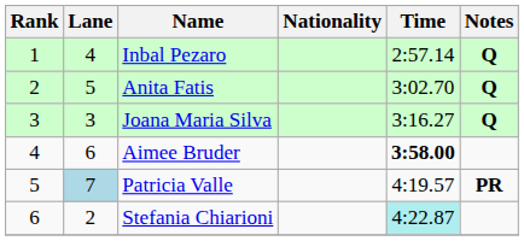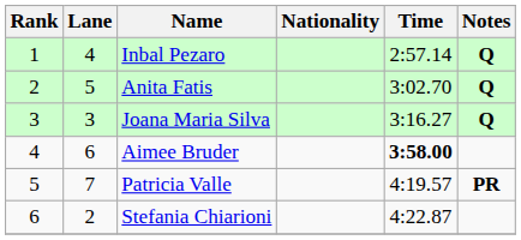 <table class="wikitable">
 <tr>
 <th>Rank</th>
 <th>Lane</th>
 <th>Name</th>
 <th>Nationality</th>
 <th>Time</th>
 <th>Notes</th>
 </tr>
 <tr bgcolor=ccffcc>
 <td align=center>1</td>
 <td align=center>4</td>
 <td><a href='#'>Inbal Pezaro</a></td>
 <td></td>
 <td align=center>2:57.14</td>
 <td align=center><strong>Q</strong></td>
 </tr>
 <tr bgcolor=ccffcc>
 <td align=center>2</td>
 <td align=center>5</td>
 <td><a href='#'>Anita Fatis</a></td>
 <td></td>
 <td align=center>3:02.70</td>
 <td align=center><strong>Q</strong></td>
 </tr>
 <tr bgcolor=ccffcc>
 <td align=center>3</td>
 <td align=center>3</td>
 <td><a href='#'>Joana Maria Silva</a></td>
 <td></td>
 <td align=center>3:16.27</td>
 <td align=center><strong>Q</strong></td>
 </tr>
 <tr>
 <td align=center>4</td>
 <td align=center>6</td>
 <td><a href='#'>Aimee Bruder</a></td>
 <td></td>
 <td align=center><strong>3:58.00</strong></td>
 <td align=center></td>
 </tr>
 <tr>
 <td align=center>5</td>
-<td align=center style="background: lightblue;">7</td>
+<td align=center>7</td>
 <td><a href='#'>Patricia Valle</a></td>
 <td></td>
 <td align=center>4:19.57</td>
 <td align=center><strong>PR</strong></td>
 </tr>
 <tr>
 <td align=center>6</td>
 <td align=center>2</td>
 <td><a href='#'>Stefania Chiarioni</a></td>
 <td></td>
-<td align=center style="background: paleturquoise;">4:22.87</td>
+<td align=center>4:22.87</td>
 <td align=center></td>
 </tr>
 <tr>
 </tr>
 </table>
